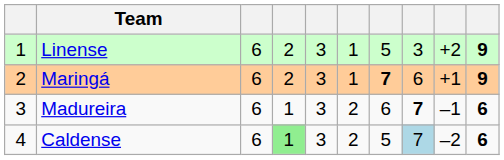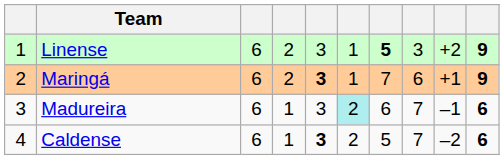 <table class="wikitable" style="text-align: center;">
 <tr>
 <th width=20></th>
 <th width=165>Team</th>
 <th width=20></th>
 <th width=20></th>
 <th width=20></th>
 <th width=20></th>
 <th width=20></th>
 <th width=20></th>
 <th width=20></th>
 <th width=20></th>
 </tr>
 <tr bgcolor=#ccffcc>
 <td>1</td>
 <td align=left> <a href='#'>Linense</a></td>
 <td>6</td>
 <td>2</td>
 <td>3</td>
 <td>1</td>
-<td>5</td>
+<td><strong>5</strong></td>
 <td>3</td>
 <td>+2</td>
 <td><strong>9</strong></td>
 </tr>
 <tr bgcolor=#ffcc99>
 <td>2</td>
 <td align=left> <a href='#'>Maringá</a></td>
 <td>6</td>
 <td>2</td>
-<td>3</td>
+<td><strong>3</strong></td>
 <td>1</td>
-<td><strong>7</strong></td>
+<td>7</td>
 <td>6</td>
 <td>+1</td>
 <td><strong>9</strong></td>
 </tr>
 <tr>
 <td>3</td>
 <td align=left> <a href='#'>Madureira</a></td>
 <td>6</td>
 <td>1</td>
 <td>3</td>
-<td>2</td>
+<td style="background: paleturquoise;">2</td>
 <td>6</td>
-<td><strong>7</strong></td>
+<td>7</td>
 <td>–1</td>
 <td><strong>6</strong></td>
 </tr>
 <tr>
 <td>4</td>
 <td align=left> <a href='#'>Caldense</a></td>
 <td>6</td>
-<td style="background: lightgreen;">1</td>
-<td>3</td>
+<td>1</td>
+<td><strong>3</strong></td>
 <td>2</td>
 <td>5</td>
-<td style="background: lightblue;">7</td>
+<td>7</td>
 <td>–2</td>
 <td><strong>6</strong></td>
 </tr>
 </table>
